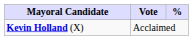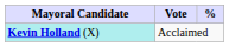 <table class="wikitable">
 <tr>
 <th style="background:#ddf; width:200px;">Mayoral Candidate</th>
 <th style="background:#ddf; width:50px;">Vote</th>
 <th style="background:#ddf; width:30px;">%</th>
 </tr>
 <tr>
-<td><strong><a href='#'>Kevin Holland</a></strong> (X)</td>
+<td style="background: paleturquoise;"><strong><a href='#'>Kevin Holland</a></strong> (X)</td>
 <td colspan="2">Acclaimed</td>
 </tr>
 </table>
